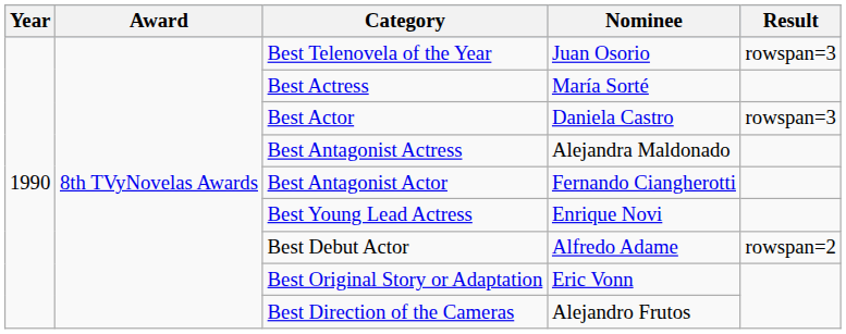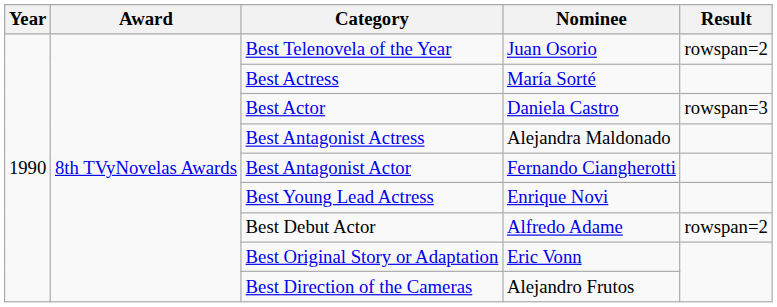 <table class="wikitable">
 <tr style="background:#b0c4de;">
 <th>Year</th>
 <th>Award</th>
 <th>Category</th>
 <th>Nominee</th>
 <th>Result</th>
 </tr>
 <tr>
 <td rowspan=9>1990</td>
 <td rowspan=9><a href='#'>8th TVyNovelas Awards</a></td>
 <td><a href='#'>Best Telenovela of the Year</a></td>
 <td><a href='#'>Juan Osorio</a></td>
-<td>rowspan=3 </td>
+<td>rowspan=2 </td>
 </tr>
 <tr>
 <td><a href='#'>Best Actress</a></td>
 <td><a href='#'>María Sorté</a></td>
 </tr>
 <tr>
 <td><a href='#'>Best Actor</a></td>
 <td><a href='#'>Daniela Castro</a></td>
 <td>rowspan=3 </td>
 </tr>
 <tr>
 <td><a href='#'>Best Antagonist Actress</a></td>
 <td>Alejandra Maldonado</td>
 </tr>
 <tr>
 <td><a href='#'>Best Antagonist Actor</a></td>
 <td><a href='#'>Fernando Ciangherotti</a></td>
 <td></td>
 </tr>
 <tr>
 <td><a href='#'>Best Young Lead Actress</a></td>
 <td><a href='#'>Enrique Novi</a></td>
 <td></td>
 </tr>
 <tr>
 <td>Best Debut Actor</td>
 <td><a href='#'>Alfredo Adame</a></td>
 <td>rowspan=2 </td>
 </tr>
 <tr>
 <td><a href='#'>Best Original Story or Adaptation</a></td>
 <td><a href='#'>Eric Vonn</a></td>
 </tr>
 <tr>
 <td><a href='#'>Best Direction of the Cameras</a></td>
 <td>Alejandro Frutos</td>
 </tr>
 </table>
